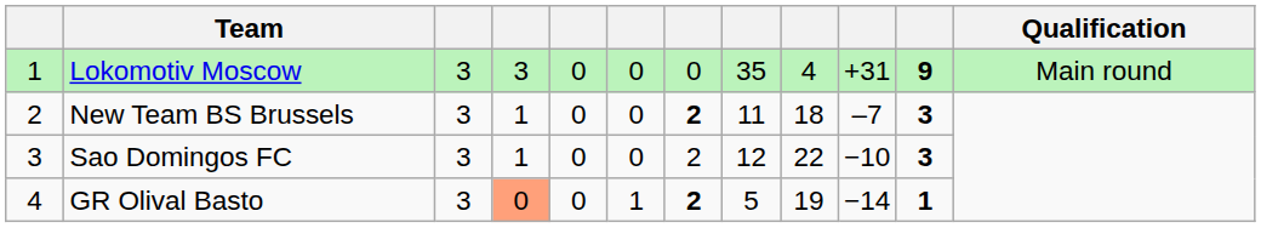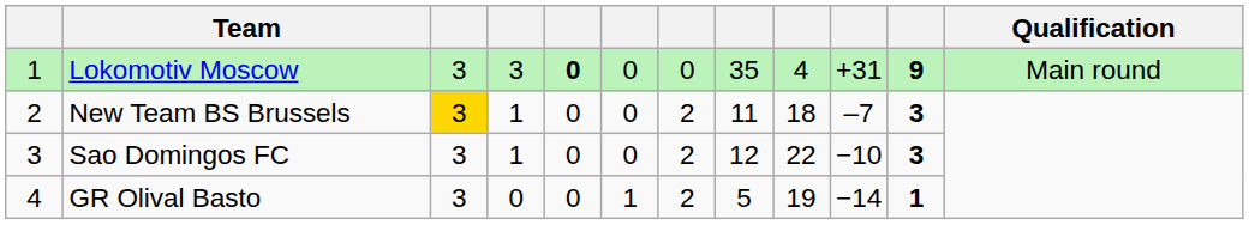 <table class="wikitable" style="font-size: 95%">
 <tr>
 <th width="25"></th>
 <th width="200">Team</th>
 <th width="25"></th>
 <th width="25"></th>
 <th width="25"></th>
 <th width="25"></th>
 <th width="25"></th>
 <th width="25"></th>
 <th width="25"></th>
 <th width="25"></th>
 <th width="25"></th>
 <th width="160">Qualification</th>
 </tr>
 <tr align=center bgcolor=#bbf3bb>
 <td>1</td>
 <td align=left> <a href='#'>Lokomotiv Moscow</a></td>
 <td>3</td>
 <td>3</td>
-<td>0</td>
+<td><strong>0</strong></td>
 <td>0</td>
 <td>0</td>
 <td>35</td>
 <td>4</td>
 <td>+31</td>
 <td><strong>9</strong></td>
 <td>Main round</td>
 </tr>
 <tr align=center>
 <td>2</td>
 <td align=left> New Team BS Brussels</td>
-<td>3</td>
+<td style="background: gold;">3</td>
 <td>1</td>
 <td>0</td>
 <td>0</td>
-<td><strong>2</strong></td>
+<td>2</td>
 <td>11</td>
 <td>18</td>
 <td>–7</td>
 <td><strong>3</strong></td>
 <td rowspan=3></td>
 </tr>
 <tr align=center>
 <td>3</td>
 <td align=left> Sao Domingos FC</td>
 <td>3</td>
 <td>1</td>
 <td>0</td>
 <td>0</td>
 <td>2</td>
 <td>12</td>
 <td>22</td>
 <td>−10</td>
 <td><strong>3</strong></td>
 </tr>
 <tr align=center>
 <td>4</td>
 <td align=left> GR Olival Basto</td>
 <td>3</td>
-<td style="background: lightsalmon;">0</td>
+<td>0</td>
 <td>0</td>
 <td>1</td>
-<td><strong>2</strong></td>
+<td>2</td>
 <td>5</td>
 <td>19</td>
 <td>−14</td>
 <td><strong>1</strong></td>
 </tr>
 </table>
